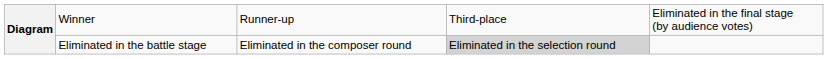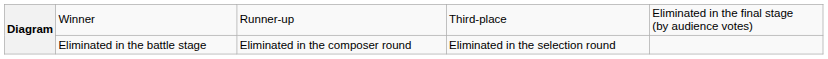 <table class="wikitable" style="height:2.6em" width="90%">
 <tr>
 <th rowspan="2" width="5%">Diagram</th>
 <td> Winner</td>
 <td> Runner-up</td>
 <td> Third-place</td>
 <td> Eliminated in the final stage<br>(by audience votes)</td>
 </tr>
 <tr>
 <td> Eliminated in the battle stage</td>
 <td> Eliminated in the composer round</td>
-<td style="background: lightgrey;"> Eliminated in the selection round</td>
+<td> Eliminated in the selection round</td>
 <td></td>
 </tr>
 </table>
